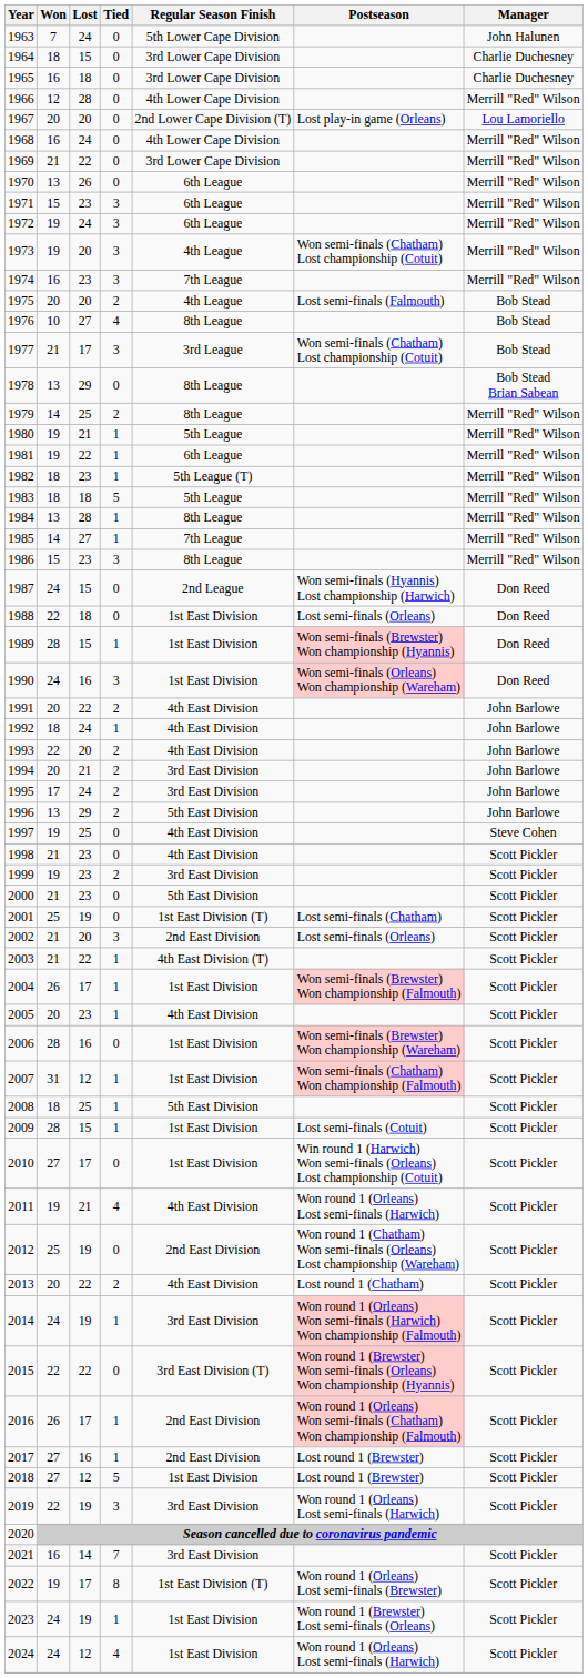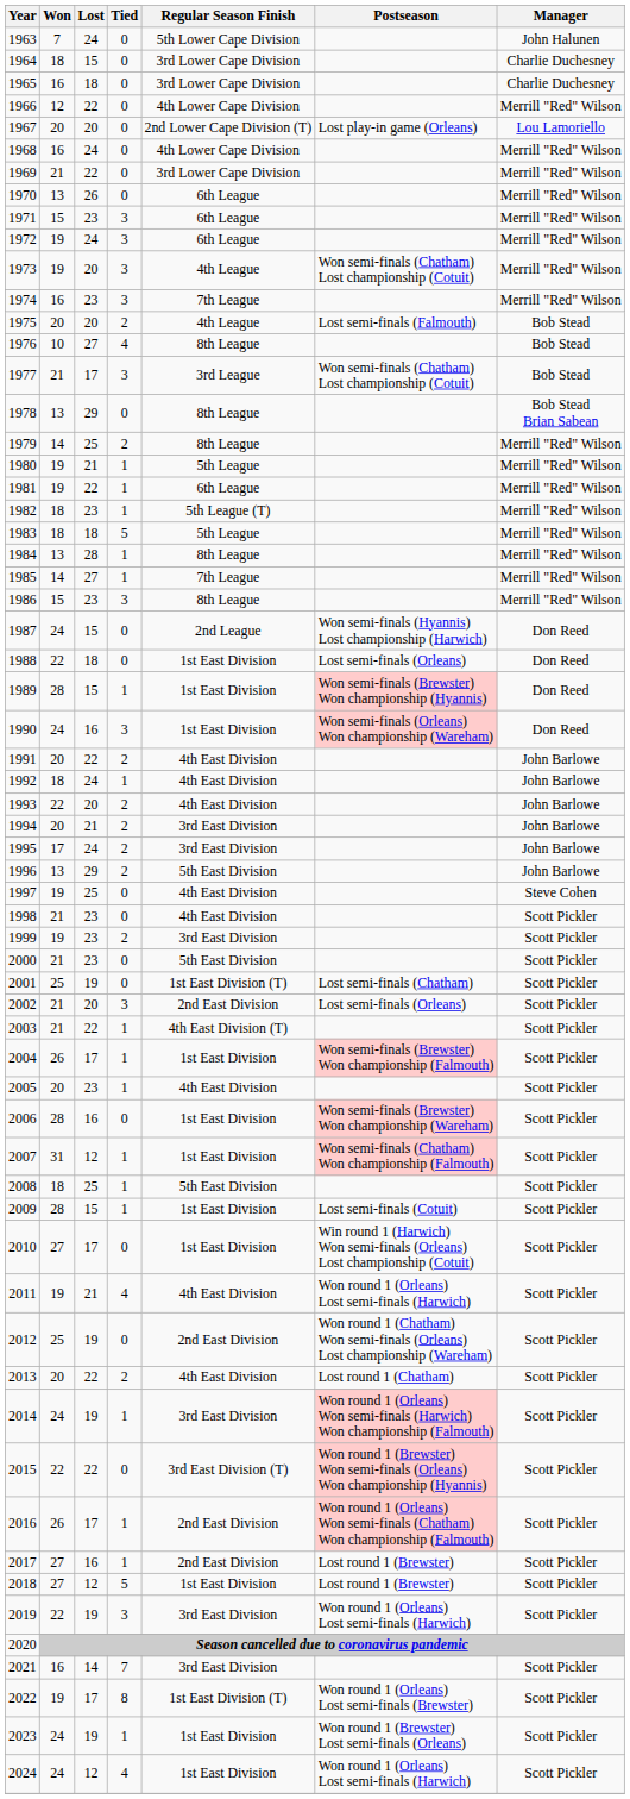 <table class="wikitable" style="text-align:center">
 <tr>
 <th>Year</th>
 <th>Won</th>
 <th>Lost</th>
 <th>Tied</th>
 <th>Regular Season Finish</th>
 <th>Postseason</th>
 <th>Manager</th>
 </tr>
 <tr>
 <td>1963</td>
 <td>7</td>
 <td>24</td>
 <td>0</td>
 <td>5th Lower Cape Division</td>
 <td></td>
 <td>John Halunen</td>
 </tr>
 <tr>
 <td>1964</td>
 <td>18</td>
 <td>15</td>
 <td>0</td>
 <td>3rd Lower Cape Division</td>
 <td></td>
 <td>Charlie Duchesney</td>
 </tr>
 <tr>
 <td>1965</td>
 <td>16</td>
 <td>18</td>
 <td>0</td>
 <td>3rd Lower Cape Division</td>
 <td></td>
 <td>Charlie Duchesney</td>
 </tr>
 <tr>
 <td>1966</td>
 <td>12</td>
-<td>28</td>
+<td>22</td>
 <td>0</td>
 <td>4th Lower Cape Division</td>
 <td></td>
 <td>Merrill "Red" Wilson</td>
 </tr>
 <tr>
 <td>1967</td>
 <td>20</td>
 <td>20</td>
 <td>0</td>
 <td>2nd Lower Cape Division (T)</td>
 <td style="text-align:left">Lost play-in game (<a href='#'>Orleans</a>)</td>
 <td><a href='#'>Lou Lamoriello</a></td>
 </tr>
 <tr>
 <td>1968</td>
 <td>16</td>
 <td>24</td>
 <td>0</td>
 <td>4th Lower Cape Division</td>
 <td></td>
 <td>Merrill "Red" Wilson</td>
 </tr>
 <tr>
 <td>1969</td>
 <td>21</td>
 <td>22</td>
 <td>0</td>
 <td>3rd Lower Cape Division</td>
 <td></td>
 <td>Merrill "Red" Wilson</td>
 </tr>
 <tr>
 <td>1970</td>
 <td>13</td>
 <td>26</td>
 <td>0</td>
 <td>6th League</td>
 <td></td>
 <td>Merrill "Red" Wilson</td>
 </tr>
 <tr>
 <td>1971</td>
 <td>15</td>
 <td>23</td>
 <td>3</td>
 <td>6th League</td>
 <td></td>
 <td>Merrill "Red" Wilson</td>
 </tr>
 <tr>
 <td>1972</td>
 <td>19</td>
 <td>24</td>
 <td>3</td>
 <td>6th League</td>
 <td></td>
 <td>Merrill "Red" Wilson</td>
 </tr>
 <tr>
 <td>1973</td>
 <td>19</td>
 <td>20</td>
 <td>3</td>
 <td>4th League</td>
 <td style="text-align:left">Won semi-finals (<a href='#'>Chatham</a>)<br>Lost championship (<a href='#'>Cotuit</a>)</td>
 <td>Merrill "Red" Wilson</td>
 </tr>
 <tr>
 <td>1974</td>
 <td>16</td>
 <td>23</td>
 <td>3</td>
 <td>7th League</td>
 <td></td>
 <td>Merrill "Red" Wilson</td>
 </tr>
 <tr>
 <td>1975</td>
 <td>20</td>
 <td>20</td>
 <td>2</td>
 <td>4th League</td>
 <td style="text-align:left">Lost semi-finals (<a href='#'>Falmouth</a>)</td>
 <td>Bob Stead</td>
 </tr>
 <tr>
 <td>1976</td>
 <td>10</td>
 <td>27</td>
 <td>4</td>
 <td>8th League</td>
 <td></td>
 <td>Bob Stead</td>
 </tr>
 <tr>
 <td>1977</td>
 <td>21</td>
 <td>17</td>
 <td>3</td>
 <td>3rd League</td>
 <td style="text-align:left">Won semi-finals (<a href='#'>Chatham</a>)<br>Lost championship (<a href='#'>Cotuit</a>)</td>
 <td>Bob Stead</td>
 </tr>
 <tr>
 <td>1978</td>
 <td>13</td>
 <td>29</td>
 <td>0</td>
 <td>8th League</td>
 <td></td>
 <td>Bob Stead<br><a href='#'>Brian Sabean</a></td>
 </tr>
 <tr>
 <td>1979</td>
 <td>14</td>
 <td>25</td>
 <td>2</td>
 <td>8th League</td>
 <td></td>
 <td>Merrill "Red" Wilson</td>
 </tr>
 <tr>
 <td>1980</td>
 <td>19</td>
 <td>21</td>
 <td>1</td>
 <td>5th League</td>
 <td></td>
 <td>Merrill "Red" Wilson</td>
 </tr>
 <tr>
 <td>1981</td>
 <td>19</td>
 <td>22</td>
 <td>1</td>
 <td>6th League</td>
 <td></td>
 <td>Merrill "Red" Wilson</td>
 </tr>
 <tr>
 <td>1982</td>
 <td>18</td>
 <td>23</td>
 <td>1</td>
 <td>5th League (T)</td>
 <td></td>
 <td>Merrill "Red" Wilson</td>
 </tr>
 <tr>
 <td>1983</td>
 <td>18</td>
 <td>18</td>
 <td>5</td>
 <td>5th League</td>
 <td></td>
 <td>Merrill "Red" Wilson</td>
 </tr>
 <tr>
 <td>1984</td>
 <td>13</td>
 <td>28</td>
 <td>1</td>
 <td>8th League</td>
 <td></td>
 <td>Merrill "Red" Wilson</td>
 </tr>
 <tr>
 <td>1985</td>
 <td>14</td>
 <td>27</td>
 <td>1</td>
 <td>7th League</td>
 <td></td>
 <td>Merrill "Red" Wilson</td>
 </tr>
 <tr>
 <td>1986</td>
 <td>15</td>
 <td>23</td>
 <td>3</td>
 <td>8th League</td>
 <td></td>
 <td>Merrill "Red" Wilson</td>
 </tr>
 <tr>
 <td>1987</td>
 <td>24</td>
 <td>15</td>
 <td>0</td>
 <td>2nd League</td>
 <td style="text-align:left">Won semi-finals (<a href='#'>Hyannis</a>)<br>Lost championship (<a href='#'>Harwich</a>)</td>
 <td>Don Reed</td>
 </tr>
 <tr>
 <td>1988</td>
 <td>22</td>
 <td>18</td>
 <td>0</td>
 <td>1st East Division</td>
 <td style="text-align:left">Lost semi-finals (<a href='#'>Orleans</a>)</td>
 <td>Don Reed</td>
 </tr>
 <tr>
 <td>1989</td>
 <td>28</td>
 <td>15</td>
 <td>1</td>
 <td>1st East Division</td>
 <td style="text-align:left" bgcolor=#ffcccc>Won semi-finals (<a href='#'>Brewster</a>)<br>Won championship (<a href='#'>Hyannis</a>)</td>
 <td>Don Reed</td>
 </tr>
 <tr>
 <td>1990</td>
 <td>24</td>
 <td>16</td>
 <td>3</td>
 <td>1st East Division</td>
 <td style="text-align:left" bgcolor=#ffcccc>Won semi-finals (<a href='#'>Orleans</a>)<br>Won championship (<a href='#'>Wareham</a>)</td>
 <td>Don Reed</td>
 </tr>
 <tr>
 <td>1991</td>
 <td>20</td>
 <td>22</td>
 <td>2</td>
 <td>4th East Division</td>
 <td></td>
 <td>John Barlowe</td>
 </tr>
 <tr>
 <td>1992</td>
 <td>18</td>
 <td>24</td>
 <td>1</td>
 <td>4th East Division</td>
 <td></td>
 <td>John Barlowe</td>
 </tr>
 <tr>
 <td>1993</td>
 <td>22</td>
 <td>20</td>
 <td>2</td>
 <td>4th East Division</td>
 <td></td>
 <td>John Barlowe</td>
 </tr>
 <tr>
 <td>1994</td>
 <td>20</td>
 <td>21</td>
 <td>2</td>
 <td>3rd East Division</td>
 <td></td>
 <td>John Barlowe</td>
 </tr>
 <tr>
 <td>1995</td>
 <td>17</td>
 <td>24</td>
 <td>2</td>
 <td>3rd East Division</td>
 <td></td>
 <td>John Barlowe</td>
 </tr>
 <tr>
 <td>1996</td>
 <td>13</td>
 <td>29</td>
 <td>2</td>
 <td>5th East Division</td>
 <td></td>
 <td>John Barlowe</td>
 </tr>
 <tr>
 <td>1997</td>
 <td>19</td>
 <td>25</td>
 <td>0</td>
 <td>4th East Division</td>
 <td></td>
 <td>Steve Cohen</td>
 </tr>
 <tr>
 <td>1998</td>
 <td>21</td>
 <td>23</td>
 <td>0</td>
 <td>4th East Division</td>
 <td></td>
 <td>Scott Pickler</td>
 </tr>
 <tr>
 <td>1999</td>
 <td>19</td>
 <td>23</td>
 <td>2</td>
 <td>3rd East Division</td>
 <td></td>
 <td>Scott Pickler</td>
 </tr>
 <tr>
 <td>2000</td>
 <td>21</td>
 <td>23</td>
 <td>0</td>
 <td>5th East Division</td>
 <td></td>
 <td>Scott Pickler</td>
 </tr>
 <tr>
 <td>2001</td>
 <td>25</td>
 <td>19</td>
 <td>0</td>
 <td>1st East Division (T)</td>
 <td style="text-align:left">Lost semi-finals (<a href='#'>Chatham</a>)</td>
 <td>Scott Pickler</td>
 </tr>
 <tr>
 <td>2002</td>
 <td>21</td>
 <td>20</td>
 <td>3</td>
 <td>2nd East Division</td>
 <td style="text-align:left">Lost semi-finals (<a href='#'>Orleans</a>)</td>
 <td>Scott Pickler</td>
 </tr>
 <tr>
 <td>2003</td>
 <td>21</td>
 <td>22</td>
 <td>1</td>
 <td>4th East Division (T)</td>
 <td></td>
 <td>Scott Pickler</td>
 </tr>
 <tr>
 <td>2004</td>
 <td>26</td>
 <td>17</td>
 <td>1</td>
 <td>1st East Division</td>
 <td style="text-align:left" bgcolor=#ffcccc>Won semi-finals (<a href='#'>Brewster</a>)<br>Won championship (<a href='#'>Falmouth</a>)</td>
 <td>Scott Pickler</td>
 </tr>
 <tr>
 <td>2005</td>
 <td>20</td>
 <td>23</td>
 <td>1</td>
 <td>4th East Division</td>
 <td></td>
 <td>Scott Pickler</td>
 </tr>
 <tr>
 <td>2006</td>
 <td>28</td>
 <td>16</td>
 <td>0</td>
 <td>1st East Division</td>
 <td style="text-align:left" bgcolor=#ffcccc>Won semi-finals (<a href='#'>Brewster</a>)<br>Won championship (<a href='#'>Wareham</a>)</td>
 <td>Scott Pickler</td>
 </tr>
 <tr>
 <td>2007</td>
 <td>31</td>
 <td>12</td>
 <td>1</td>
 <td>1st East Division</td>
 <td style="text-align:left" bgcolor=#ffcccc>Won semi-finals (<a href='#'>Chatham</a>)<br>Won championship (<a href='#'>Falmouth</a>)</td>
 <td>Scott Pickler</td>
 </tr>
 <tr>
 <td>2008</td>
 <td>18</td>
 <td>25</td>
 <td>1</td>
 <td>5th East Division</td>
 <td></td>
 <td>Scott Pickler</td>
 </tr>
 <tr>
 <td>2009</td>
 <td>28</td>
 <td>15</td>
 <td>1</td>
 <td>1st East Division</td>
 <td style="text-align:left">Lost semi-finals (<a href='#'>Cotuit</a>)</td>
 <td>Scott Pickler</td>
 </tr>
 <tr>
 <td>2010</td>
 <td>27</td>
 <td>17</td>
 <td>0</td>
 <td>1st East Division</td>
 <td style="text-align:left">Win round 1 (<a href='#'>Harwich</a>)<br>Won semi-finals (<a href='#'>Orleans</a>)<br>Lost championship (<a href='#'>Cotuit</a>)</td>
 <td>Scott Pickler</td>
 </tr>
 <tr>
 <td>2011</td>
 <td>19</td>
 <td>21</td>
 <td>4</td>
 <td>4th East Division</td>
 <td style="text-align:left">Won round 1 (<a href='#'>Orleans</a>)<br>Lost semi-finals (<a href='#'>Harwich</a>)</td>
 <td>Scott Pickler</td>
 </tr>
 <tr>
 <td>2012</td>
 <td>25</td>
 <td>19</td>
 <td>0</td>
 <td>2nd East Division</td>
 <td style="text-align:left">Won round 1 (<a href='#'>Chatham</a>)<br>Won semi-finals (<a href='#'>Orleans</a>)<br>Lost championship (<a href='#'>Wareham</a>)</td>
 <td>Scott Pickler</td>
 </tr>
 <tr>
 <td>2013</td>
 <td>20</td>
 <td>22</td>
 <td>2</td>
 <td>4th East Division</td>
 <td style="text-align:left">Lost round 1 (<a href='#'>Chatham</a>)</td>
 <td>Scott Pickler</td>
 </tr>
 <tr>
 <td>2014</td>
 <td>24</td>
 <td>19</td>
 <td>1</td>
 <td>3rd East Division</td>
 <td style="text-align:left" bgcolor=#ffcccc>Won round 1 (<a href='#'>Orleans</a>)<br>Won semi-finals (<a href='#'>Harwich</a>)<br>Won championship (<a href='#'>Falmouth</a>)</td>
 <td>Scott Pickler</td>
 </tr>
 <tr>
 <td>2015</td>
 <td>22</td>
 <td>22</td>
 <td>0</td>
 <td>3rd East Division (T)</td>
 <td style="text-align:left" bgcolor=#ffcccc>Won round 1 (<a href='#'>Brewster</a>)<br>Won semi-finals (<a href='#'>Orleans</a>)<br>Won championship (<a href='#'>Hyannis</a>)</td>
 <td>Scott Pickler</td>
 </tr>
 <tr>
 <td>2016</td>
 <td>26</td>
 <td>17</td>
 <td>1</td>
 <td>2nd East Division</td>
 <td style="text-align:left" bgcolor=#ffcccc>Won round 1 (<a href='#'>Orleans</a>)<br>Won semi-finals (<a href='#'>Chatham</a>)<br>Won championship (<a href='#'>Falmouth</a>)</td>
 <td>Scott Pickler</td>
 </tr>
 <tr>
 <td>2017</td>
 <td>27</td>
 <td>16</td>
 <td>1</td>
 <td>2nd East Division</td>
 <td style="text-align:left">Lost round 1 (<a href='#'>Brewster</a>)</td>
 <td>Scott Pickler</td>
 </tr>
 <tr>
 <td>2018</td>
 <td>27</td>
 <td>12</td>
 <td>5</td>
 <td>1st East Division</td>
 <td style="text-align:left">Lost round 1 (<a href='#'>Brewster</a>)</td>
 <td>Scott Pickler</td>
 </tr>
 <tr>
 <td>2019</td>
 <td>22</td>
 <td>19</td>
 <td>3</td>
 <td>3rd East Division</td>
 <td style="text-align:left">Won round 1 (<a href='#'>Orleans</a>)<br>Lost semi-finals (<a href='#'>Harwich</a>)</td>
 <td>Scott Pickler</td>
 </tr>
 <tr>
 <td>2020</td>
 <td colspan="6" align="center" bgcolor=#cccccc><strong><em>Season cancelled due to <a href='#'>coronavirus pandemic</a></em></strong></td>
 </tr>
 <tr>
 <td>2021</td>
 <td>16</td>
 <td>14</td>
 <td>7</td>
 <td>3rd East Division</td>
 <td></td>
 <td>Scott Pickler</td>
 </tr>
 <tr>
 <td>2022</td>
 <td>19</td>
 <td>17</td>
 <td>8</td>
 <td>1st East Division (T)</td>
 <td style="text-align:left">Won round 1 (<a href='#'>Orleans</a>)<br>Lost semi-finals (<a href='#'>Brewster</a>)</td>
 <td>Scott Pickler</td>
 </tr>
 <tr>
 <td>2023</td>
 <td>24</td>
 <td>19</td>
 <td>1</td>
 <td>1st East Division</td>
 <td style="text-align:left">Won round 1 (<a href='#'>Brewster</a>)<br>Lost semi-finals (<a href='#'>Orleans</a>)</td>
 <td>Scott Pickler</td>
 </tr>
 <tr>
 <td>2024</td>
 <td>24</td>
 <td>12</td>
 <td>4</td>
 <td>1st East Division</td>
 <td style="text-align:left">Won round 1 (<a href='#'>Orleans</a>)<br>Lost semi-finals (<a href='#'>Harwich</a>)</td>
 <td>Scott Pickler</td>
 </tr>
 <tr>
 </tr>
 </table>
